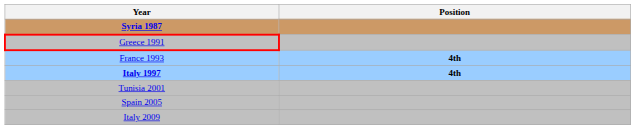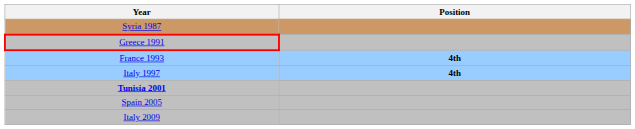 <table class="wikitable"  style="width:80%; text-align:center; font-size:90%;">
 <tr>
 <th width=35%>Year</th>
 <th width=45%>Position</th>
 </tr>
 <tr style="background:#c96;">
-<td><strong><a href='#'>Syria 1987</a></strong></td>
+<td><a href='#'>Syria 1987</a></td>
 <td bgcolor=#c96></td>
 </tr>
 <tr style="background:silver;">
 <td style="border: 3px solid red"><a href='#'>Greece 1991</a></td>
 <td bgcolor=silver></td>
 </tr>
 <tr style="background:#9acdff;">
 <td><a href='#'>France 1993</a></td>
 <td><strong>4th</strong></td>
 </tr>
 <tr style="background:#9acdff;">
-<td><strong><a href='#'>Italy 1997</a></strong></td>
+<td><a href='#'>Italy 1997</a></td>
 <td><strong>4th</strong></td>
 </tr>
 <tr style="background:silver;">
-<td><a href='#'>Tunisia 2001</a></td>
+<td><strong><a href='#'>Tunisia 2001</a></strong></td>
 <td bgcolor=silver></td>
 </tr>
 <tr style="background:silver;">
 <td><a href='#'>Spain 2005</a></td>
 <td bgcolor=silver></td>
 </tr>
 <tr style="background:silver;">
 <td><a href='#'>Italy 2009</a></td>
 <td bgcolor=silver></td>
 </tr>
 </table>
